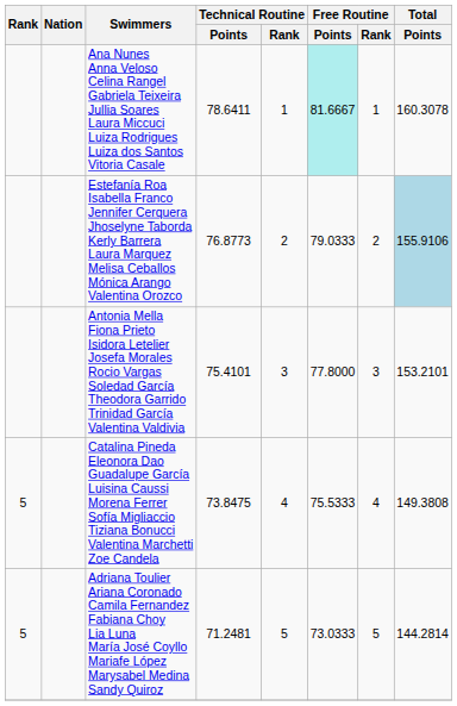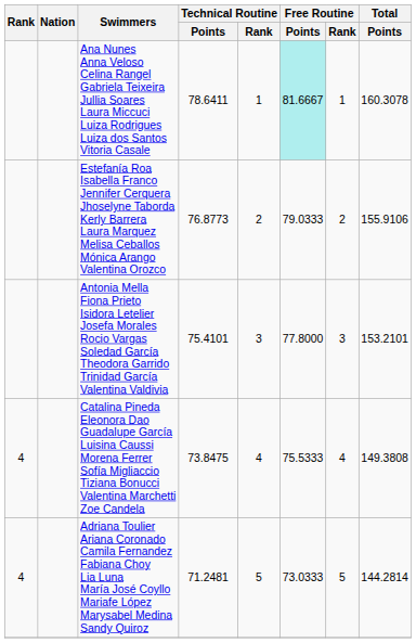 <table class="wikitable sortable" style="text-align:center">
 <tr>
 <th rowspan=2>Rank</th>
 <th rowspan=2>Nation</th>
 <th rowspan=2>Swimmers</th>
 <th colspan=2>Technical Routine</th>
 <th colspan=2>Free Routine</th>
 <th>Total</th>
 </tr>
 <tr>
 <th>Points</th>
 <th>Rank</th>
 <th>Points</th>
 <th>Rank</th>
 <th>Points</th>
 </tr>
 <tr>
 <td></td>
 <td align=left></td>
 <td align=left><a href='#'>Ana Nunes</a><br><a href='#'>Anna Veloso</a><br><a href='#'>Celina Rangel</a><br><a href='#'>Gabriela Teixeira</a><br><a href='#'>Jullia Soares</a><br><a href='#'>Laura Miccuci</a><br><a href='#'>Luiza Rodrigues</a><br><a href='#'>Luiza dos Santos</a><br><a href='#'>Vitoria Casale</a></td>
 <td>78.6411</td>
 <td>1</td>
 <td style="background: paleturquoise;">81.6667</td>
 <td>1</td>
 <td>160.3078</td>
 </tr>
 <tr>
 <td></td>
 <td align=left></td>
 <td align=left><a href='#'>Estefanía Roa</a><br><a href='#'>Isabella Franco</a><br><a href='#'>Jennifer Cerquera</a><br><a href='#'>Jhoselyne Taborda</a><br><a href='#'>Kerly Barrera</a><br><a href='#'>Laura Marquez</a><br><a href='#'>Melisa Ceballos</a><br><a href='#'>Mónica Arango</a><br><a href='#'>Valentina Orozco</a></td>
 <td>76.8773</td>
 <td>2</td>
 <td>79.0333</td>
 <td>2</td>
-<td style="background: lightblue;">155.9106</td>
+<td>155.9106</td>
 </tr>
 <tr>
 <td></td>
 <td align=left></td>
 <td align=left><a href='#'>Antonia Mella</a><br><a href='#'>Fiona Prieto</a><br><a href='#'>Isidora Letelier</a><br><a href='#'>Josefa Morales</a><br><a href='#'>Rocio Vargas</a><br><a href='#'>Soledad García</a><br><a href='#'>Theodora Garrido</a><br><a href='#'>Trinidad García</a><br><a href='#'>Valentina Valdivia</a></td>
 <td>75.4101</td>
 <td>3</td>
 <td>77.8000</td>
 <td>3</td>
 <td>153.2101</td>
 </tr>
 <tr>
-<td>5</td>
+<td>4</td>
 <td align=left></td>
 <td align=left><a href='#'>Catalina Pineda</a><br><a href='#'>Eleonora Dao</a><br><a href='#'>Guadalupe García</a><br><a href='#'>Luisina Caussi</a><br><a href='#'>Morena Ferrer</a><br><a href='#'>Sofía Migliaccio</a><br><a href='#'>Tiziana Bonucci</a><br><a href='#'>Valentina Marchetti</a><br><a href='#'>Zoe Candela</a></td>
 <td>73.8475</td>
 <td>4</td>
 <td>75.5333</td>
 <td>4</td>
 <td>149.3808</td>
 </tr>
 <tr>
-<td>5</td>
+<td>4</td>
 <td align=left></td>
 <td align=left><a href='#'>Adriana Toulier</a><br><a href='#'>Ariana Coronado</a><br><a href='#'>Camila Fernandez</a><br><a href='#'>Fabiana Choy</a><br><a href='#'>Lia Luna</a><br><a href='#'>María José Coyllo</a><br><a href='#'>Mariafe López</a><br><a href='#'>Marysabel Medina</a><br><a href='#'>Sandy Quiroz</a></td>
 <td>71.2481</td>
 <td>5</td>
 <td>73.0333</td>
 <td>5</td>
 <td>144.2814</td>
 </tr>
 <tr>
 </tr>
 </table>
